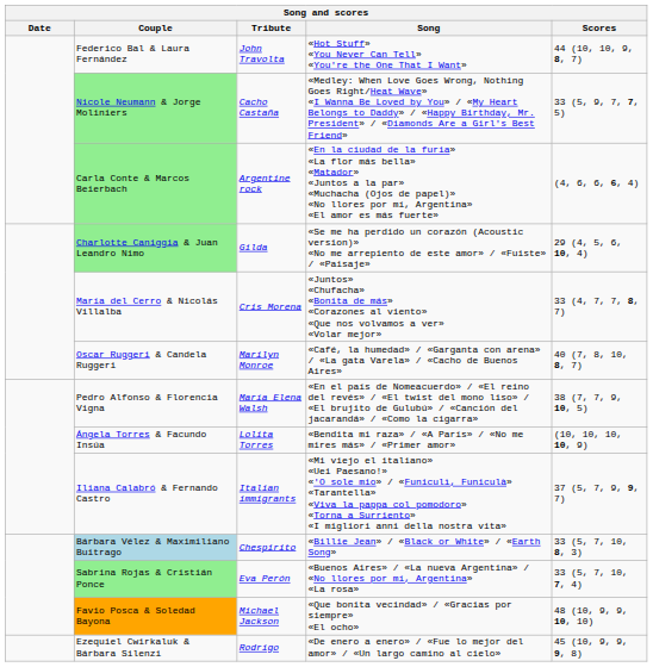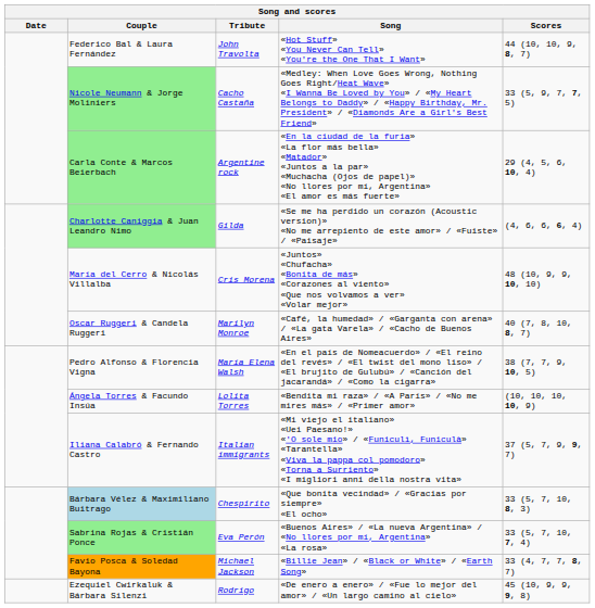 <table class="wikitable collapsible collapsed" style=" text-align: align; width: 100%;">
 <tr>
 <th colspan="11" style="with: 100%;" align="center">Song and scores</th>
 </tr>
 <tr>
 <th width=85>Date</th>
 <th width=210>Couple</th>
 <th width=85>Tribute</th>
 <th width=320>Song</th>
 <th width=120>Scores</th>
 </tr>
 <tr>
 <td rowspan="3"></td>
 <td bgcolor="">Federico Bal & Laura Fernández</td>
 <td><em><a href='#'>John Travolta</a></em></td>
 <td>«<a href='#'>Hot Stuff</a>» <br>«<a href='#'>You Never Can Tell</a>» <br>«<a href='#'>You're the One That I Want</a>» </td>
 <td>44 (10, 10, 9, <strong>8</strong>, 7)</td>
 </tr>
 <tr>
 <td bgcolor="lightgreen"><a href='#'>Nicole Neumann</a> & Jorge Moliniers</td>
 <td><em><a href='#'>Cacho Castaña</a></em></td>
 <td>«Medley: When Love Goes Wrong, Nothing Goes Right/<a href='#'>Heat Wave</a>» <br>«<a href='#'>I Wanna Be Loved by You</a>» / «<a href='#'>My Heart Belongs to Daddy</a>» / «<a href='#'>Happy Birthday, Mr. President</a>» / «<a href='#'>Diamonds Are a Girl's Best Friend</a>» </td>
 <td>33 (5, 9, 7, <strong>7</strong>, 5)</td>
 </tr>
 <tr>
 <td bgcolor="lightgreen">Carla Conte & Marcos Beierbach</td>
 <td><em><a href='#'>Argentine rock</a></em></td>
 <td>«<a href='#'>En la ciudad de la furia</a>» <br>«La flor más bella» <br>«<a href='#'>Matador</a>» <br>«Juntos a la par» <br>«Muchacha (Ojos de papel)» <br>«No llores por mí, Argentina» <br>«El amor es más fuerte» </td>
-<td> (4, 6, 6, <strong>6</strong>, 4)</td>
+<td>29 (4, 5, 6, <strong>10</strong>, 4)</td>
 </tr>
 <tr>
 <td rowspan="3"></td>
 <td bgcolor="lightgreen"><a href='#'>Charlotte Caniggia</a> & Juan Leandro Nimo</td>
 <td><em><a href='#'>Gilda</a></em></td>
 <td>«Se me ha perdido un corazón (Acoustic version)» <br>«No me arrepiento de este amor» / «Fuiste» / «Paisaje» </td>
-<td>29 (4, 5, 6, <strong>10</strong>, 4)</td>
+<td> (4, 6, 6, <strong>6</strong>, 4)</td>
 </tr>
 <tr>
 <td bgcolor=""><a href='#'>María del Cerro</a> & Nicolás Villalba</td>
 <td><em><a href='#'>Cris Morena</a></em></td>
 <td>«Juntos» <br>«Chufacha» <br>«<a href='#'>Bonita de más</a>» <br>«Corazones al viento» <br>«Que nos volvamos a ver» <br>«Volar mejor» </td>
-<td>33 (4, 7, 7, <strong>8</strong>, 7)</td>
+<td>48 (10, 9, 9, <strong>10</strong>, 10)</td>
 </tr>
 <tr>
 <td bgcolor=""><a href='#'>Oscar Ruggeri</a> & Candela Ruggeri</td>
 <td><em><a href='#'>Marilyn Monroe</a></em></td>
 <td>«Café, la humedad» / «Garganta con arena» / «La gata Varela» / «Cacho de Buenos Aires» </td>
 <td>40 (7, 8, 10, <strong>8</strong>, 7)</td>
 </tr>
 <tr>
 <td rowspan="3"></td>
 <td bgcolor="">Pedro Alfonso & Florencia Vigna</td>
 <td><em><a href='#'>María Elena Walsh</a></em></td>
 <td>«En el país de Nomeacuerdo» / «El reino del revés» / «El twist del mono liso» / «El brujito de Gulubú» / «Canción del jacarandá» / «Como la cigarra» </td>
 <td>38 (7, 7, 9, <strong>10</strong>, 5)</td>
 </tr>
 <tr>
 <td bgcolor=""><a href='#'>Ángela Torres</a> & Facundo Insúa</td>
 <td><em><a href='#'>Lolita Torres</a></em></td>
 <td>«Bendita mi raza» / «A París» / «No me mires más» / «Primer amor» </td>
 <td> (10, 10, 10, <strong>10</strong>, 9)</td>
 </tr>
 <tr>
 <td bgcolor=""><a href='#'>Iliana Calabró</a> & Fernando Castro</td>
 <td><em><a href='#'>Italian immigrants</a></em></td>
 <td>«Mi viejo el italiano» <br>«Uei Paesano!» <br>«<a href='#'>'O sole mio</a>» / «<a href='#'>Funiculì, Funiculà</a>» <br>«Tarantella» <br>«<a href='#'>Viva la pappa col pomodoro</a>» <br>«<a href='#'>Torna a Surriento</a>» <br>«I migliori anni della nostra vita» </td>
 <td>37 (5, 7, 9, <strong>9</strong>, 7)</td>
 </tr>
 <tr>
 <td rowspan="3"></td>
 <td bgcolor="lightblue">Bárbara Vélez & Maximiliano Buitrago</td>
 <td><em><a href='#'>Chespirito</a></em></td>
-<td>«<a href='#'>Billie Jean</a>» / «<a href='#'>Black or White</a>» / «<a href='#'>Earth Song</a>» </td>
+<td>«Que bonita vecindad» / «Gracias por siempre» <br>«El ocho» </td>
 <td>33 (5, 7, 10, <strong>8</strong>, 3)</td>
 </tr>
 <tr>
 <td bgcolor="lightgreen">Sabrina Rojas & Cristián Ponce</td>
 <td><em><a href='#'>Eva Perón</a></em></td>
 <td>«Buenos Aires» /  «La nueva Argentina» / «<a href='#'>No llores por mí, Argentina</a>» <br>«La rosa» </td>
 <td>33 (5, 7, 10, <strong>7</strong>, 4)</td>
 </tr>
 <tr>
 <td bgcolor="orange">Favio Posca & Soledad Bayona</td>
 <td><em><a href='#'>Michael Jackson</a></em></td>
-<td>«Que bonita vecindad» / «Gracias por siempre» <br>«El ocho» </td>
-<td>48 (10, 9, 9, <strong>10</strong>, 10)</td>
+<td>«<a href='#'>Billie Jean</a>» / «<a href='#'>Black or White</a>» / «<a href='#'>Earth Song</a>» </td>
+<td>33 (4, 7, 7, <strong>8</strong>, 7)</td>
 </tr>
 <tr>
 <td rowspan="1"></td>
 <td bgcolor="">Ezequiel Cwirkaluk & Bárbara Silenzi</td>
 <td><em><a href='#'>Rodrigo</a></em></td>
 <td>«De enero a enero» / «Fue lo mejor del amor» / «Un largo camino al cielo» </td>
 <td>45 (10, 9, 9, <strong>9</strong>, 8)</td>
 </tr>
 </table>
